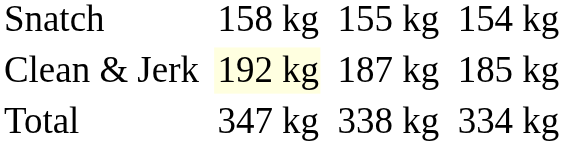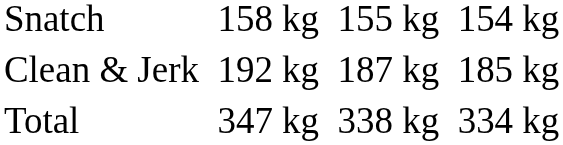 <table>
 <tr>
 <td>Snatch</td>
 <td></td>
 <td>158 kg</td>
 <td></td>
 <td>155 kg</td>
 <td></td>
 <td>154 kg</td>
 </tr>
 <tr>
 <td>Clean & Jerk</td>
 <td></td>
-<td style="background: lightyellow;">192 kg</td>
+<td>192 kg</td>
 <td></td>
 <td>187 kg</td>
 <td></td>
 <td>185 kg</td>
 </tr>
 <tr>
 <td>Total</td>
 <td></td>
 <td>347 kg</td>
 <td></td>
 <td>338 kg</td>
 <td></td>
 <td>334 kg</td>
 </tr>
 </table>
